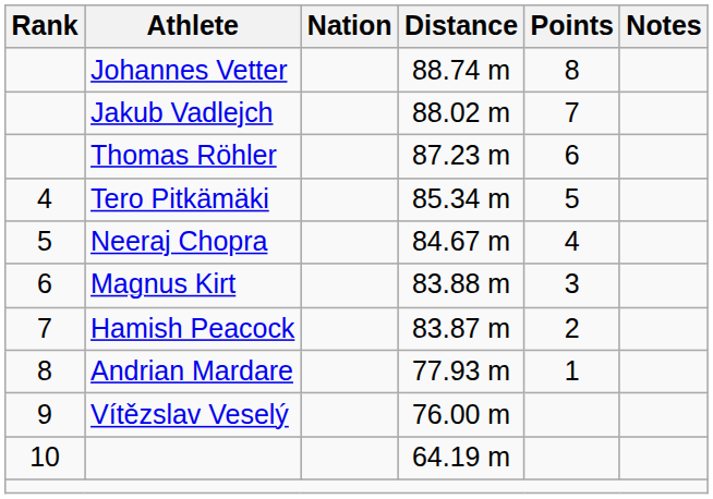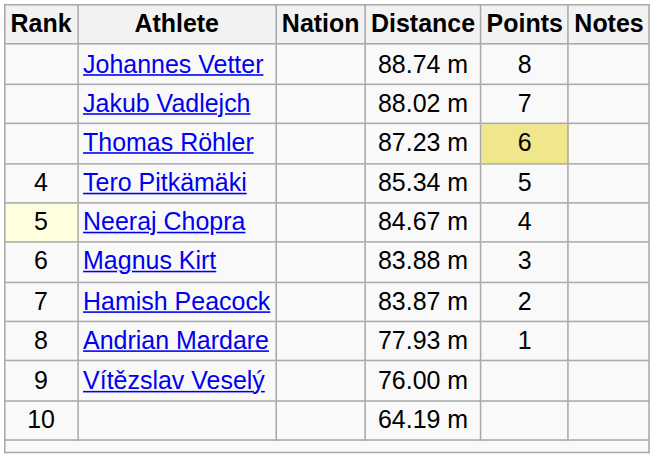 <table class="wikitable mw-datatable sortable" style="text-align:center;">
 <tr>
 <th>Rank</th>
 <th>Athlete</th>
 <th>Nation</th>
 <th>Distance</th>
 <th>Points</th>
 <th>Notes</th>
 </tr>
 <tr>
 <td></td>
 <td align=left><a href='#'>Johannes Vetter</a></td>
 <td align=left></td>
 <td>88.74 m</td>
 <td>8</td>
 <td></td>
 </tr>
 <tr>
 <td></td>
 <td align=left><a href='#'>Jakub Vadlejch</a></td>
 <td align=left></td>
 <td>88.02 m</td>
 <td>7</td>
 <td></td>
 </tr>
 <tr>
 <td></td>
 <td align=left><a href='#'>Thomas Röhler</a></td>
 <td align=left></td>
 <td>87.23 m</td>
-<td>6</td>
+<td style="background: khaki;">6</td>
 <td></td>
 </tr>
 <tr>
 <td>4</td>
 <td align=left><a href='#'>Tero Pitkämäki</a></td>
 <td align=left></td>
 <td>85.34 m</td>
 <td>5</td>
 <td></td>
 </tr>
 <tr>
-<td>5</td>
+<td style="background: lightyellow;">5</td>
 <td align=left><a href='#'>Neeraj Chopra</a></td>
 <td align=left></td>
 <td>84.67 m</td>
 <td>4</td>
 <td></td>
 </tr>
 <tr>
 <td>6</td>
 <td align=left><a href='#'>Magnus Kirt</a></td>
 <td align=left></td>
 <td>83.88 m</td>
 <td>3</td>
 <td></td>
 </tr>
 <tr>
 <td>7</td>
 <td align=left><a href='#'>Hamish Peacock</a></td>
 <td align=left></td>
 <td>83.87 m</td>
 <td>2</td>
 <td></td>
 </tr>
 <tr>
 <td>8</td>
 <td align=left><a href='#'>Andrian Mardare</a></td>
 <td align=left></td>
 <td>77.93 m</td>
 <td>1</td>
 <td></td>
 </tr>
 <tr>
 <td>9</td>
 <td align=left><a href='#'>Vítězslav Veselý</a></td>
 <td align=left></td>
 <td>76.00 m</td>
 <td></td>
 <td></td>
 </tr>
 <tr>
 <td>10</td>
 <td align=left></td>
 <td align=left></td>
 <td>64.19 m</td>
 <td></td>
 <td></td>
 </tr>
 <tr class="sortbottom">
 <td colspan=6></td>
 </tr>
 </table>
